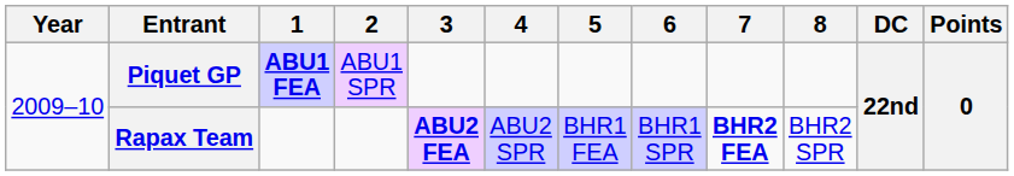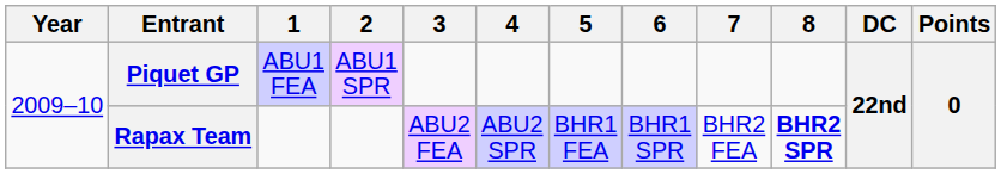 <table class="wikitable" style="text-align:center; font-size:85%">
 <tr>
 <th>Year</th>
 <th>Entrant</th>
 <th>1</th>
 <th>2</th>
 <th>3</th>
 <th>4</th>
 <th>5</th>
 <th>6</th>
 <th>7</th>
 <th>8</th>
 <th>DC</th>
 <th>Points</th>
 </tr>
 <tr>
 <td rowspan=2 nowrap><a href='#'>2009–10</a></td>
 <th nowrap><a href='#'>Piquet GP</a></th>
-<td style="background:#CFCFFF;"><strong><a href='#'>ABU1<br>FEA</a><br></strong></td>
+<td style="background:#CFCFFF;"><a href='#'>ABU1<br>FEA</a><br></td>
 <td style="background:#EFCFFF;"><a href='#'>ABU1<br>SPR</a><br></td>
 <td></td>
 <td></td>
 <td></td>
 <td></td>
 <td></td>
 <td></td>
 <th rowspan=2>22nd</th>
 <th rowspan=2>0</th>
 </tr>
 <tr>
 <th nowrap><a href='#'>Rapax Team</a></th>
 <td></td>
 <td></td>
-<td style="background:#EFCFFF;"><strong><a href='#'>ABU2<br>FEA</a><br></strong></td>
+<td style="background:#EFCFFF;"><a href='#'>ABU2<br>FEA</a><br></td>
 <td style="background:#CFCFFF;"><a href='#'>ABU2<br>SPR</a><br></td>
 <td style="background:#CFCFFF;"><a href='#'>BHR1<br>FEA</a><br></td>
 <td style="background:#CFCFFF;"><a href='#'>BHR1<br>SPR</a><br></td>
-<td><strong><a href='#'>BHR2<br>FEA</a></strong></td>
-<td><a href='#'>BHR2<br>SPR</a></td>
+<td><a href='#'>BHR2<br>FEA</a></td>
+<td><strong><a href='#'>BHR2<br>SPR</a></strong></td>
 </tr>
 </table>
